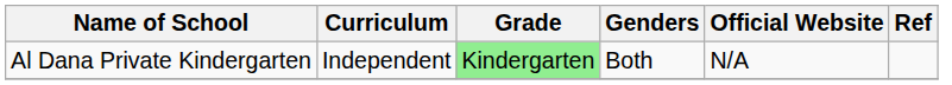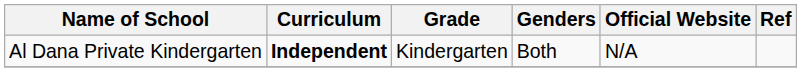 <table class="wikitable">
 <tr>
 <th>Name of School</th>
 <th>Curriculum</th>
 <th>Grade</th>
 <th>Genders</th>
 <th>Official Website</th>
 <th>Ref</th>
 </tr>
 <tr>
 <td>Al Dana Private Kindergarten</td>
-<td>Independent</td>
-<td style="background: lightgreen;">Kindergarten</td>
+<td><strong>Independent</strong></td>
+<td>Kindergarten</td>
 <td>Both</td>
 <td>N/A</td>
 <td></td>
 </tr>
 <tr>
 </tr>
 </table>
